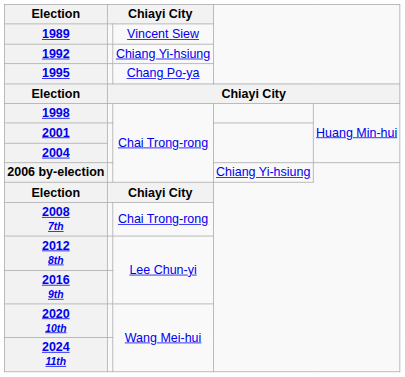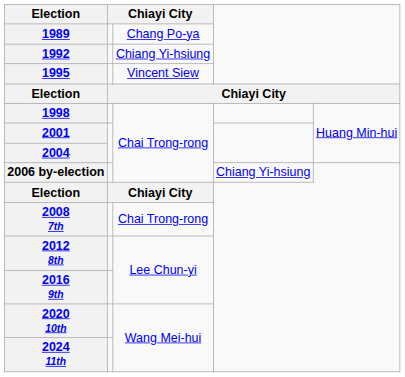 <table class=wikitable style="text-align:center">
 <tr>
 <th>Election</th>
 <th colspan="2" width="80px">Chiayi City</th>
 </tr>
 <tr>
 <th><a href='#'>1989</a></th>
 <td></td>
-<td><a href='#'>Vincent Siew</a></td>
+<td><a href='#'>Chang Po-ya</a></td>
 </tr>
 <tr>
 <th><a href='#'>1992</a></th>
 <td></td>
 <td><a href='#'>Chiang Yi-hsiung</a></td>
 </tr>
 <tr>
 <th><a href='#'>1995</a></th>
 <td></td>
-<td><a href='#'>Chang Po-ya</a></td>
+<td><a href='#'>Vincent Siew</a></td>
 </tr>
 <tr>
 <th>Election</th>
 <th colspan="4" width="80px">Chiayi City</th>
 </tr>
 <tr>
 <th><a href='#'>1998</a></th>
 <td></td>
 <td rowspan=4><a href='#'>Chai Trong-rong</a></td>
 <td></td>
 <td rowspan=3><a href='#'>Huang Min-hui</a></td>
 </tr>
 <tr>
 <th><a href='#'>2001</a></th>
 </tr>
 <tr>
 <th><a href='#'>2004</a></th>
 </tr>
 <tr>
 <th>2006 by-election</th>
 <td></td>
 <td><a href='#'>Chiang Yi-hsiung</a></td>
 </tr>
 <tr>
 <th>Election</th>
 <th colspan="2" width="80px">Chiayi City</th>
 </tr>
 <tr>
 <th><a href='#'>2008</a><br><small><em><a href='#'>7th</a></em></small><br></th>
 <td></td>
 <td><a href='#'>Chai Trong-rong</a></td>
 </tr>
 <tr>
 <th><a href='#'>2012</a><br><small><em><a href='#'>8th</a></em></small><br></th>
 <td></td>
 <td rowspan=2><a href='#'>Lee Chun-yi</a></td>
 </tr>
 <tr>
 <th><a href='#'>2016</a><br><small><em><a href='#'>9th</a></em></small><br></th>
 </tr>
 <tr>
 <th><a href='#'>2020</a><br><small><em><a href='#'>10th</a></em></small><br></th>
 <td></td>
 <td rowspan=2><a href='#'>Wang Mei-hui</a></td>
 </tr>
 <tr>
 <th><a href='#'>2024</a><br><small><em><a href='#'>11th</a></em></small><br></th>
 </tr>
 </table>
